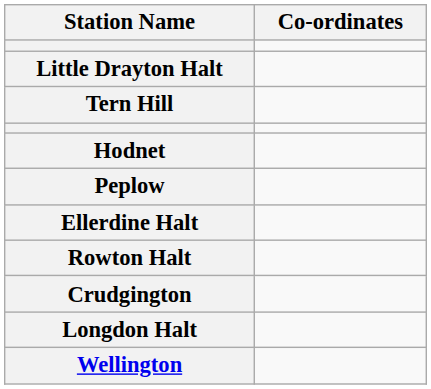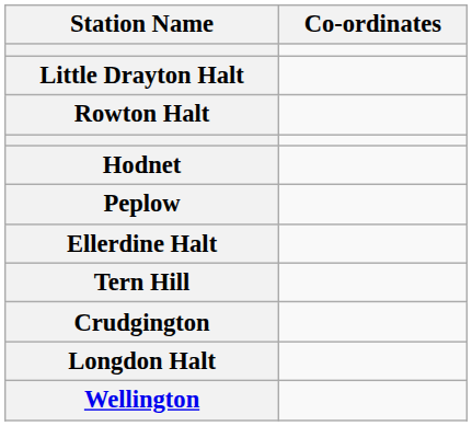 <table class="wikitable" style="text-align:center; width:300px; height:200px;">
 <tr>
 <th>Station Name</th>
 <th>Co-ordinates</th>
 </tr>
 <tr>
 <th></th>
 <td></td>
 </tr>
 <tr>
 <th>Little Drayton Halt</th>
 <td></td>
 </tr>
 <tr>
-<th>Tern Hill</th>
+<th>Rowton Halt</th>
 <td></td>
 </tr>
 <tr>
 <th></th>
 <td></td>
 </tr>
 <tr>
 <th>Hodnet</th>
 <td></td>
 </tr>
 <tr>
 <th>Peplow</th>
 <td></td>
 </tr>
 <tr>
 <th>Ellerdine Halt</th>
 <td></td>
 </tr>
 <tr>
-<th>Rowton Halt</th>
+<th>Tern Hill</th>
 <td></td>
 </tr>
 <tr>
 <th>Crudgington</th>
 <td></td>
 </tr>
 <tr>
 <th>Longdon Halt</th>
 <td></td>
 </tr>
 <tr>
 <th><a href='#'>Wellington</a></th>
 <td></td>
 </tr>
 </table>
